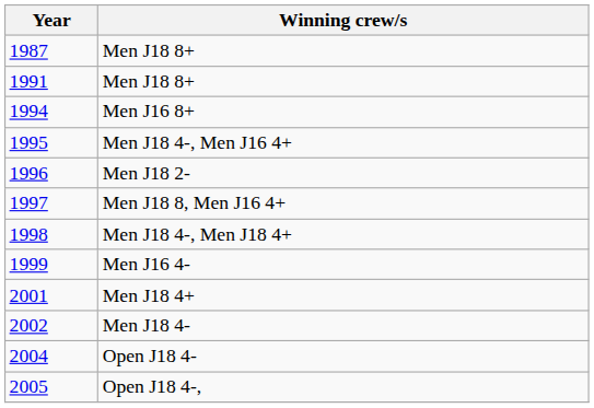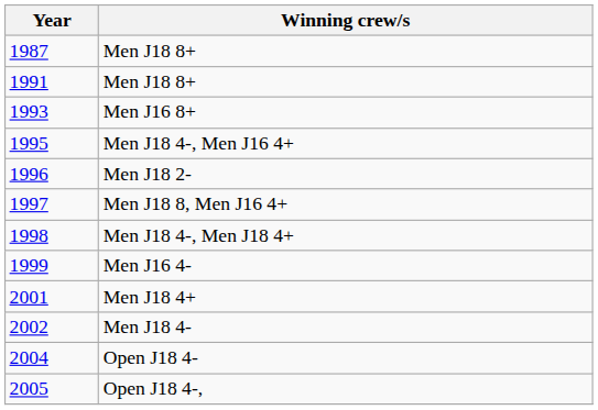 <table class="wikitable">
 <tr>
 <th width=70>Year</th>
 <th width=400>Winning crew/s</th>
 </tr>
 <tr>
 <td><a href='#'>1987</a></td>
 <td>Men J18 8+</td>
 </tr>
 <tr>
 <td><a href='#'>1991</a></td>
 <td>Men J18 8+</td>
 </tr>
 <tr>
-<td><a href='#'>1994</a></td>
+<td><a href='#'>1993</a></td>
 <td>Men J16 8+</td>
 </tr>
 <tr>
 <td><a href='#'>1995</a></td>
 <td>Men J18 4-, Men J16 4+</td>
 </tr>
 <tr>
 <td><a href='#'>1996</a></td>
 <td>Men J18 2-</td>
 </tr>
 <tr>
 <td><a href='#'>1997</a></td>
 <td>Men J18 8, Men J16 4+</td>
 </tr>
 <tr>
 <td><a href='#'>1998</a></td>
 <td>Men J18 4-, Men J18 4+</td>
 </tr>
 <tr>
 <td><a href='#'>1999</a></td>
 <td>Men J16 4-</td>
 </tr>
 <tr>
 <td><a href='#'>2001</a></td>
 <td>Men J18 4+</td>
 </tr>
 <tr>
 <td><a href='#'>2002</a></td>
 <td>Men J18 4-</td>
 </tr>
 <tr>
 <td><a href='#'>2004</a></td>
 <td>Open J18 4- </td>
 </tr>
 <tr>
 <td><a href='#'>2005</a></td>
 <td>Open J18 4-,</td>
 </tr>
 <tr>
 </tr>
 </table>
